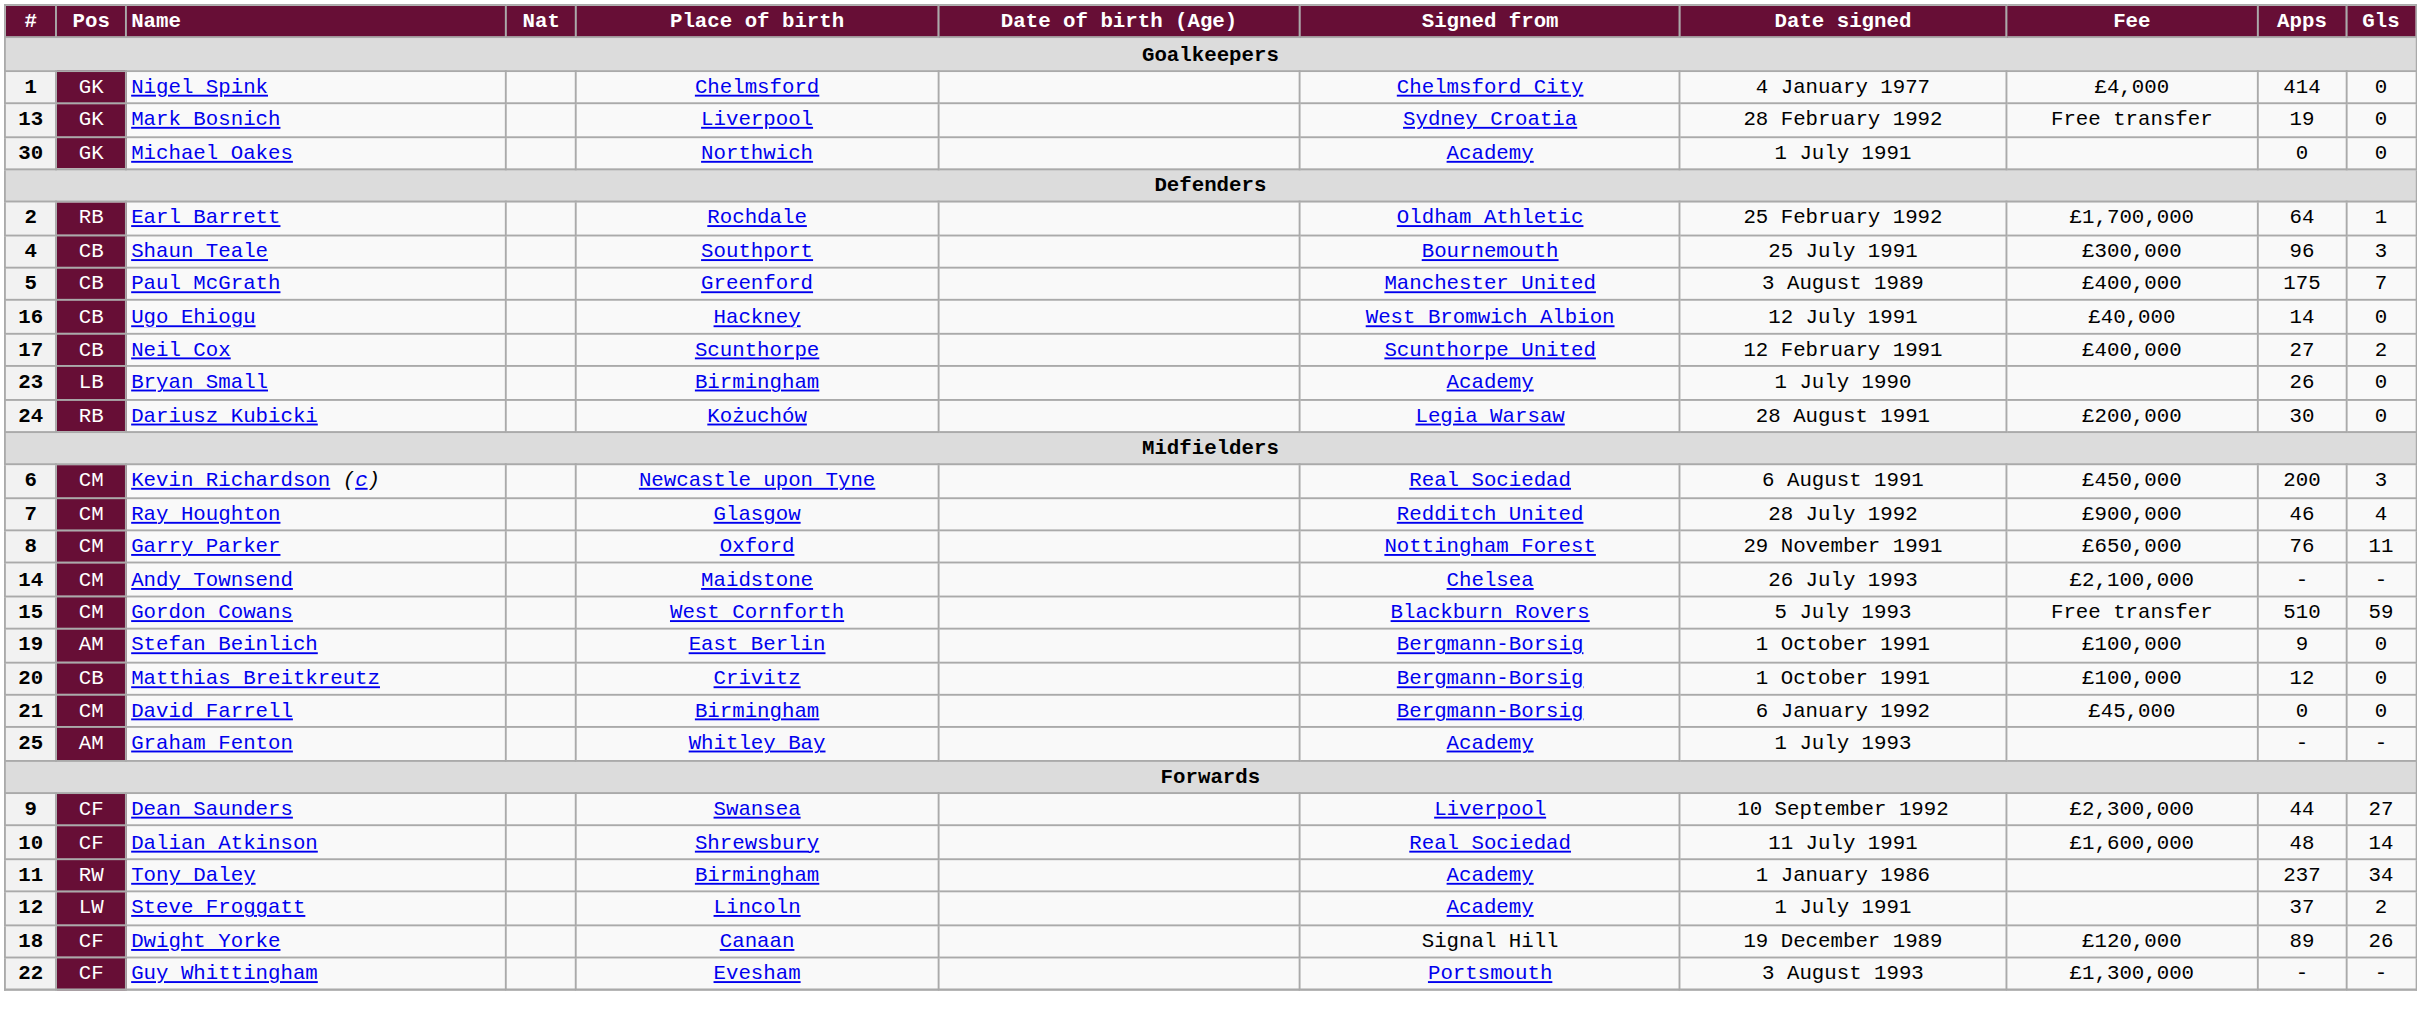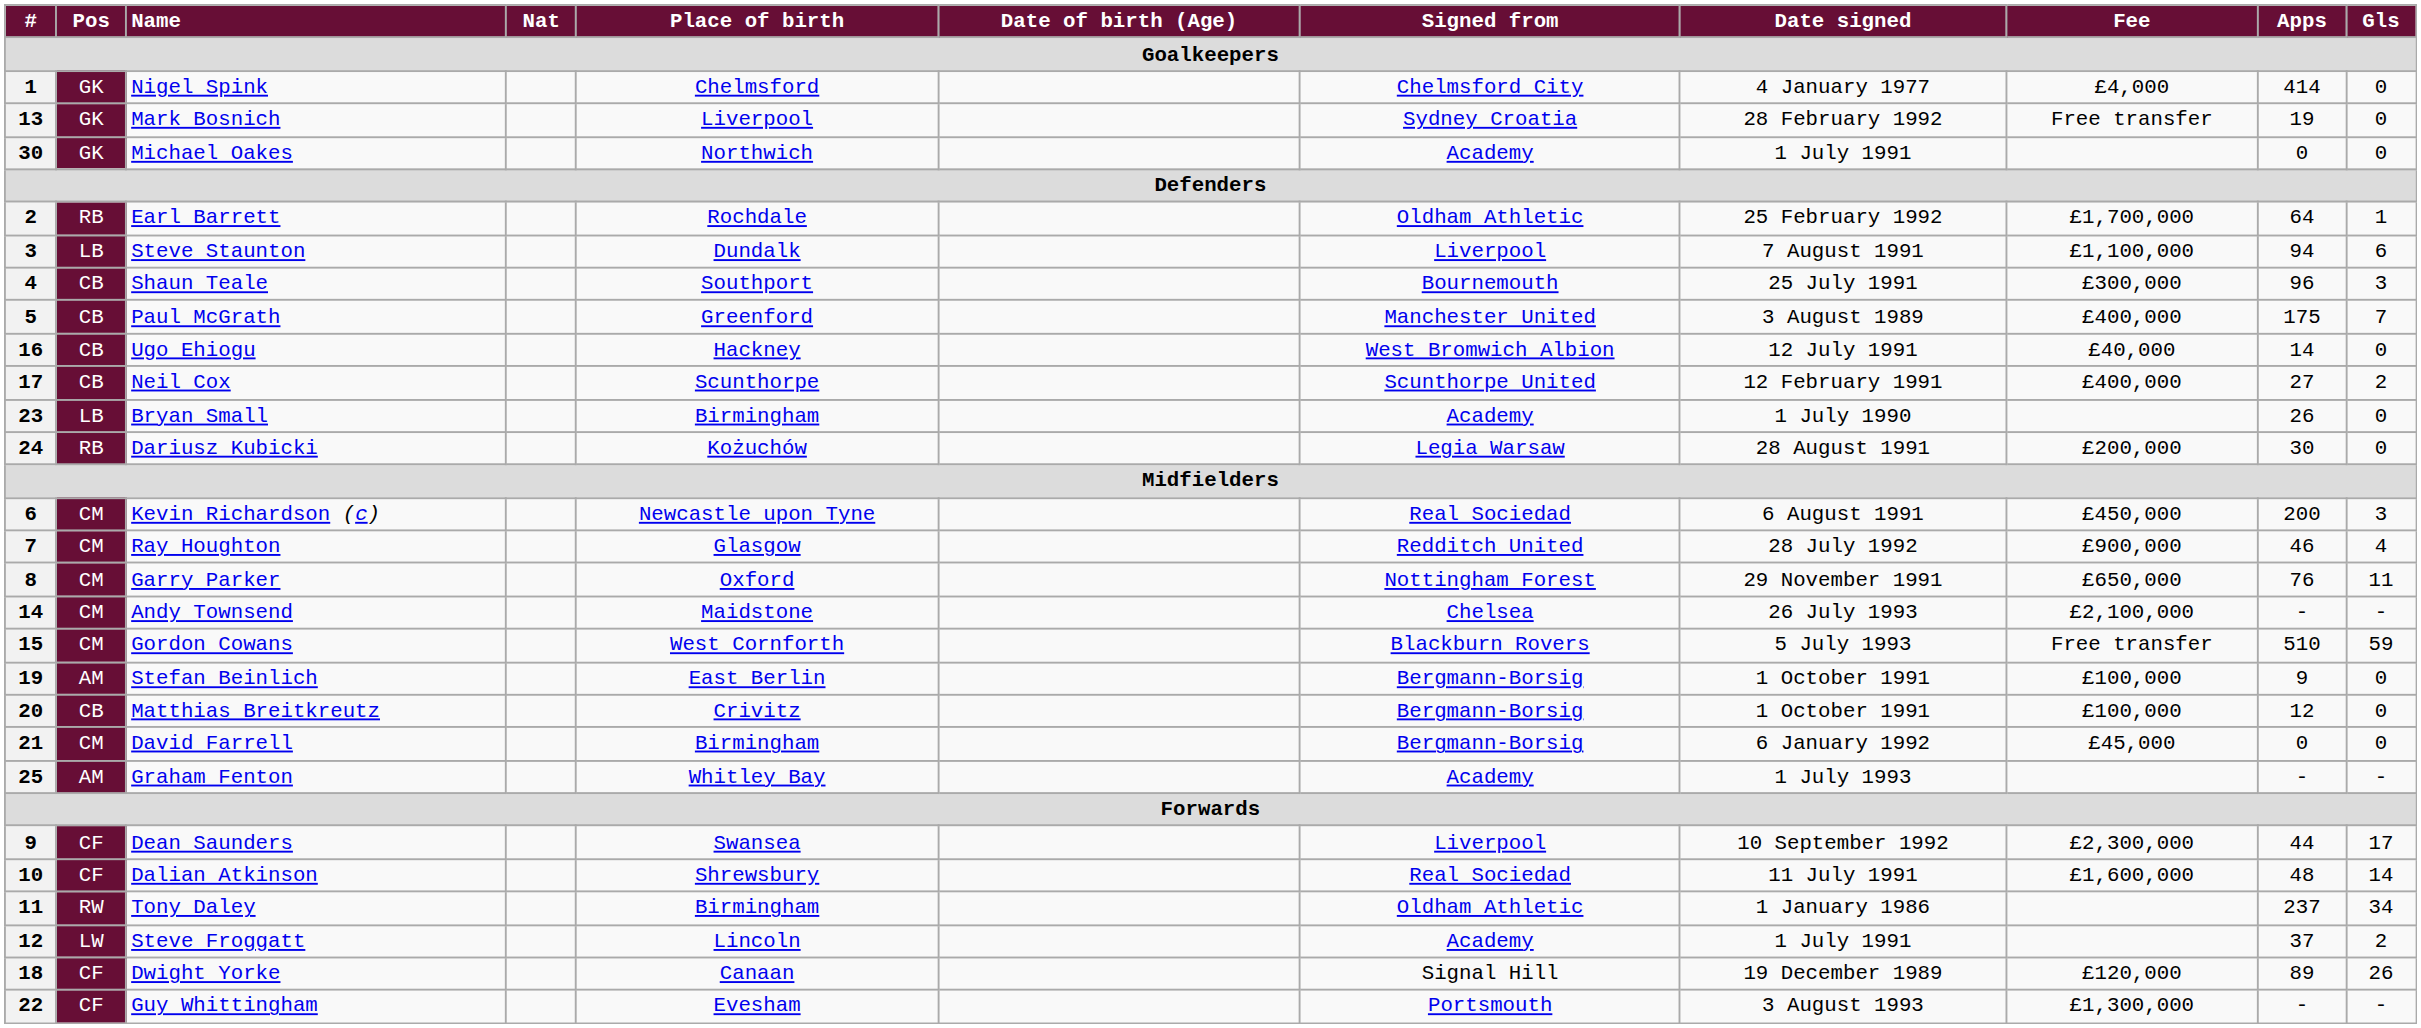 <table class="wikitable sortbale static-row-numbers" style="text-align:center; font-size:84.5%; width:101%;">
 <tr class=static-row-header style=vertical-align:bottom>
 <th style="background:#670E36; color:#FFFFFF; text-align:center;">#</th>
 <th style="background:#670E36; color:#FFFFFF; text-align:center;"><abbr>Pos</abbr></th>
 <th style="background:#670E36; color:#FFFFFF; text-align:left;">Name</th>
 <th style="background:#670E36; color:#FFFFFF; text-align:center;"><abbr>Nat</abbr></th>
 <th style="background:#670E36; color:#FFFFFF; text-align:center;">Place of birth</th>
 <th style="background:#670E36; color:#FFFFFF; text-align:center;">Date of birth (Age)</th>
 <th style="background:#670E36; color:#FFFFFF; text-align:center;">Signed from</th>
 <th style="background:#670E36; color:#FFFFFF; text-align:center;">Date signed</th>
 <th style="background:#670E36; color:#FFFFFF; text-align:center;">Fee</th>
 <th style="background:#670E36; color:#FFFFFF; text-align:center;">Apps</th>
 <th style="background:#670E36; color:#FFFFFF; text-align:center;">Gls</th>
 </tr>
 <tr>
 <th colspan="11" style="background:#dcdcdc; tepxt-align:center;">Goalkeepers</th>
 </tr>
 <tr>
 <th>1</th>
 <td style="background:#670E36; color:#FFFFFF; text-align:center;">GK</td>
 <td style="text-align:left;"><a href='#'>Nigel Spink</a></td>
 <td></td>
 <td><a href='#'>Chelmsford</a></td>
 <td></td>
 <td><a href='#'>Chelmsford City</a></td>
 <td>4 January 1977</td>
 <td>£4,000</td>
 <td>414</td>
 <td>0</td>
 </tr>
 <tr>
 <th>13</th>
 <td style="background:#670E36; color:#FFFFFF; text-align:center;">GK</td>
 <td style="text-align:left;"><a href='#'>Mark Bosnich</a></td>
 <td></td>
 <td><a href='#'>Liverpool</a></td>
 <td></td>
 <td><a href='#'>Sydney Croatia</a></td>
 <td>28 February 1992</td>
 <td>Free transfer</td>
 <td>19</td>
 <td>0</td>
 </tr>
 <tr>
 <th>30</th>
 <td style="background:#670E36; color:#FFFFFF; text-align:center;">GK</td>
 <td style="text-align:left;"><a href='#'>Michael Oakes</a></td>
 <td></td>
 <td><a href='#'>Northwich</a></td>
 <td></td>
 <td><a href='#'>Academy</a></td>
 <td>1 July 1991</td>
 <td></td>
 <td>0</td>
 <td>0</td>
 </tr>
 <tr>
 <th colspan="11" style="background:#dcdcdc; tepxt-align:center;">Defenders</th>
 </tr>
 <tr>
 <th>2</th>
 <td style="background:#670E36; color:#FFFFFF; text-align:center;">RB</td>
 <td style="text-align:left;"><a href='#'>Earl Barrett</a></td>
 <td></td>
 <td><a href='#'>Rochdale</a></td>
 <td></td>
 <td><a href='#'>Oldham Athletic</a></td>
 <td>25 February 1992</td>
 <td>£1,700,000</td>
 <td>64</td>
 <td>1</td>
+</tr>
+<tr>
+<th>3</th>
+<td style="background:#670E36; color:#FFFFFF; text-align:center;">LB</td>
+<td style="text-align:left;"><a href='#'>Steve Staunton</a></td>
+<td></td>
+<td><a href='#'>Dundalk</a></td>
+<td></td>
+<td><a href='#'>Liverpool</a></td>
+<td>7 August 1991</td>
+<td>£1,100,000</td>
+<td>94</td>
+<td>6</td>
 </tr>
 <tr>
 <th>4</th>
 <td style="background:#670E36; color:#FFFFFF; text-align:center;">CB</td>
 <td style="text-align:left;"><a href='#'>Shaun Teale</a></td>
 <td></td>
 <td><a href='#'>Southport</a></td>
 <td></td>
 <td><a href='#'>Bournemouth</a></td>
 <td>25 July 1991</td>
 <td>£300,000</td>
 <td>96</td>
 <td>3</td>
 </tr>
 <tr>
 <th>5</th>
 <td style="background:#670E36; color:#FFFFFF; text-align:center;">CB</td>
 <td style="text-align:left;"><a href='#'>Paul McGrath</a></td>
 <td></td>
 <td><a href='#'>Greenford</a></td>
 <td></td>
 <td><a href='#'>Manchester United</a></td>
 <td>3 August 1989</td>
 <td>£400,000</td>
 <td>175</td>
 <td>7</td>
 </tr>
 <tr>
 <th>16</th>
 <td style="background:#670E36; color:#FFFFFF; text-align:center;">CB</td>
 <td style="text-align:left;"><a href='#'>Ugo Ehiogu</a></td>
 <td></td>
 <td><a href='#'>Hackney</a></td>
 <td></td>
 <td><a href='#'>West Bromwich Albion</a></td>
 <td>12 July 1991</td>
 <td>£40,000</td>
 <td>14</td>
 <td>0</td>
 </tr>
 <tr>
 <th>17</th>
 <td style="background:#670E36; color:#FFFFFF; text-align:center;">CB</td>
 <td style="text-align:left;"><a href='#'>Neil Cox</a></td>
 <td></td>
 <td><a href='#'>Scunthorpe</a></td>
 <td></td>
 <td><a href='#'>Scunthorpe United</a></td>
 <td>12 February 1991</td>
 <td>£400,000</td>
 <td>27</td>
 <td>2</td>
 </tr>
 <tr>
 <th>23</th>
 <td style="background:#670E36; color:#FFFFFF; text-align:center;">LB</td>
 <td style="text-align:left;"><a href='#'>Bryan Small</a></td>
 <td></td>
 <td><a href='#'>Birmingham</a></td>
 <td></td>
 <td><a href='#'>Academy</a></td>
 <td>1 July 1990</td>
 <td></td>
 <td>26</td>
 <td>0</td>
 </tr>
 <tr>
 <th>24</th>
 <td style="background:#670E36; color:#FFFFFF; text-align:center;">RB</td>
 <td style="text-align:left;"><a href='#'>Dariusz Kubicki</a></td>
 <td></td>
 <td><a href='#'>Kożuchów</a></td>
 <td></td>
 <td><a href='#'>Legia Warsaw</a></td>
 <td>28 August 1991</td>
 <td>£200,000</td>
 <td>30</td>
 <td>0</td>
 </tr>
 <tr>
 <th colspan="11" style="background:#dcdcdc; tepxt-align:center;">Midfielders</th>
 </tr>
 <tr>
 <th>6</th>
 <td style="background:#670E36; color:#FFFFFF; text-align:center;">CM</td>
 <td style="text-align:left;"><a href='#'>Kevin Richardson</a> <em>(<a href='#'>c</a>)</em></td>
 <td></td>
 <td><a href='#'>Newcastle upon Tyne</a></td>
 <td></td>
 <td><a href='#'>Real Sociedad</a></td>
 <td>6 August 1991</td>
 <td>£450,000</td>
 <td>200</td>
 <td>3</td>
 </tr>
 <tr>
 <th>7</th>
 <td style="background:#670E36; color:#FFFFFF; text-align:center;">CM</td>
 <td style="text-align:left;"><a href='#'>Ray Houghton</a></td>
 <td></td>
 <td><a href='#'>Glasgow</a></td>
 <td></td>
 <td><a href='#'>Redditch United</a></td>
 <td>28 July 1992</td>
 <td>£900,000</td>
 <td>46</td>
 <td>4</td>
 </tr>
 <tr>
 <th>8</th>
 <td style="background:#670E36; color:#FFFFFF; text-align:center;">CM</td>
 <td style="text-align:left;"><a href='#'>Garry Parker</a></td>
 <td></td>
 <td><a href='#'>Oxford</a></td>
 <td></td>
 <td><a href='#'>Nottingham Forest</a></td>
 <td>29 November 1991</td>
 <td>£650,000</td>
 <td>76</td>
 <td>11</td>
 </tr>
 <tr>
 <th>14</th>
 <td style="background:#670E36; color:#FFFFFF; text-align:center;">CM</td>
 <td style="text-align:left;"><a href='#'>Andy Townsend</a></td>
 <td></td>
 <td><a href='#'>Maidstone</a></td>
 <td></td>
 <td><a href='#'>Chelsea</a></td>
 <td>26 July 1993</td>
 <td>£2,100,000</td>
 <td>-</td>
 <td>-</td>
 </tr>
 <tr>
 <th>15</th>
 <td style="background:#670E36; color:#FFFFFF; text-align:center;">CM</td>
 <td style="text-align:left;"><a href='#'>Gordon Cowans</a></td>
 <td></td>
 <td><a href='#'>West Cornforth</a></td>
 <td></td>
 <td><a href='#'>Blackburn Rovers</a></td>
 <td>5 July 1993</td>
 <td>Free transfer</td>
 <td>510</td>
 <td>59</td>
 </tr>
 <tr>
 <th>19</th>
 <td style="background:#670E36; color:#FFFFFF; text-align:center;">AM</td>
 <td style="text-align:left;"><a href='#'>Stefan Beinlich</a></td>
 <td></td>
 <td><a href='#'>East Berlin</a></td>
 <td></td>
 <td><a href='#'>Bergmann-Borsig</a></td>
 <td>1 October 1991</td>
 <td>£100,000</td>
 <td>9</td>
 <td>0</td>
 </tr>
 <tr>
 <th>20</th>
 <td style="background:#670E36; color:#FFFFFF; text-align:center;">CB</td>
 <td style="text-align:left;"><a href='#'>Matthias Breitkreutz</a></td>
 <td></td>
 <td><a href='#'>Crivitz</a></td>
 <td></td>
 <td><a href='#'>Bergmann-Borsig</a></td>
 <td>1 October 1991</td>
 <td>£100,000</td>
 <td>12</td>
 <td>0</td>
 </tr>
 <tr>
 <th>21</th>
 <td style="background:#670E36; color:#FFFFFF; text-align:center;">CM</td>
 <td style="text-align:left;"><a href='#'>David Farrell</a></td>
 <td></td>
 <td><a href='#'>Birmingham</a></td>
 <td></td>
 <td><a href='#'>Bergmann-Borsig</a></td>
 <td>6 January 1992</td>
 <td>£45,000</td>
 <td>0</td>
 <td>0</td>
 </tr>
 <tr>
 <th>25</th>
 <td style="background:#670E36; color:#FFFFFF; text-align:center;">AM</td>
 <td style="text-align:left;"><a href='#'>Graham Fenton</a></td>
 <td></td>
 <td><a href='#'>Whitley Bay</a></td>
 <td></td>
 <td><a href='#'>Academy</a></td>
 <td>1 July 1993</td>
 <td></td>
 <td>-</td>
 <td>-</td>
 </tr>
 <tr>
 <th colspan="11" style="background:#dcdcdc; tepxt-align:center;">Forwards</th>
 </tr>
 <tr>
 <th>9</th>
 <td style="background:#670E36; color:#FFFFFF; text-align:center;">CF</td>
 <td style="text-align:left;"><a href='#'>Dean Saunders</a></td>
 <td></td>
 <td><a href='#'>Swansea</a></td>
 <td></td>
 <td><a href='#'>Liverpool</a></td>
 <td>10 September 1992</td>
 <td>£2,300,000</td>
 <td>44</td>
-<td>27</td>
+<td>17</td>
 </tr>
 <tr>
 <th>10</th>
 <td style="background:#670E36; color:#FFFFFF; text-align:center;">CF</td>
 <td style="text-align:left;"><a href='#'>Dalian Atkinson</a></td>
 <td></td>
 <td><a href='#'>Shrewsbury</a></td>
 <td></td>
 <td><a href='#'>Real Sociedad</a></td>
 <td>11 July 1991</td>
 <td>£1,600,000</td>
 <td>48</td>
 <td>14</td>
 </tr>
 <tr>
 <th>11</th>
 <td style="background:#670E36; color:#FFFFFF; text-align:center;">RW</td>
 <td style="text-align:left;"><a href='#'>Tony Daley</a></td>
 <td></td>
 <td><a href='#'>Birmingham</a></td>
 <td></td>
-<td><a href='#'>Academy</a></td>
+<td><a href='#'>Oldham Athletic</a></td>
 <td>1 January 1986</td>
 <td></td>
 <td>237</td>
 <td>34</td>
 </tr>
 <tr>
 <th>12</th>
 <td style="background:#670E36; color:#FFFFFF; text-align:center;">LW</td>
 <td style="text-align:left;"><a href='#'>Steve Froggatt</a></td>
 <td></td>
 <td><a href='#'>Lincoln</a></td>
 <td></td>
 <td><a href='#'>Academy</a></td>
 <td>1 July 1991</td>
 <td></td>
 <td>37</td>
 <td>2</td>
 </tr>
 <tr>
 <th>18</th>
 <td style="background:#670E36; color:#FFFFFF; text-align:center;">CF</td>
 <td style="text-align:left;"><a href='#'>Dwight Yorke</a></td>
 <td></td>
 <td><a href='#'>Canaan</a></td>
 <td></td>
 <td>Signal Hill</td>
 <td>19 December 1989</td>
 <td>£120,000</td>
 <td>89</td>
 <td>26</td>
 </tr>
 <tr>
 <th>22</th>
 <td style="background:#670E36; color:#FFFFFF; text-align:center;">CF</td>
 <td style="text-align:left;"><a href='#'>Guy Whittingham</a></td>
 <td></td>
 <td><a href='#'>Evesham</a></td>
 <td></td>
 <td><a href='#'>Portsmouth</a></td>
 <td>3 August 1993</td>
 <td>£1,300,000</td>
 <td>-</td>
 <td>-</td>
 </tr>
 <tr>
 </tr>
 </table>
